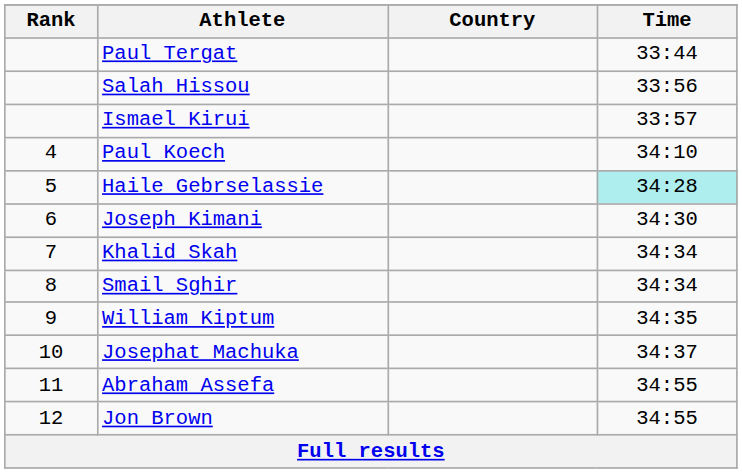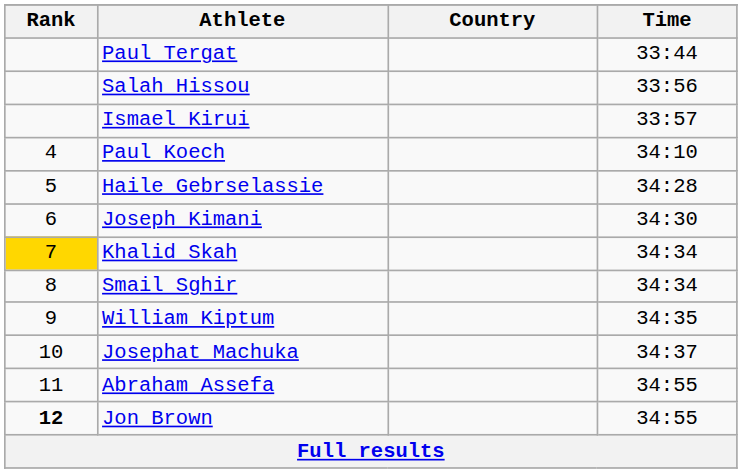 <table class="wikitable sortable" style=" text-align:center; font-size:95%;" width="50%">
 <tr>
 </tr>
 <tr>
 <th width=5%>Rank</th>
 <th width=20%>Athlete</th>
 <th width=15%>Country</th>
 <th width=10%>Time</th>
 </tr>
 <tr>
 <td align=center></td>
 <td align=left><a href='#'>Paul Tergat</a></td>
 <td align=left></td>
 <td>33:44</td>
 </tr>
 <tr>
 <td align=center></td>
 <td align=left><a href='#'>Salah Hissou</a></td>
 <td align=left></td>
 <td>33:56</td>
 </tr>
 <tr>
 <td align=center></td>
 <td align=left><a href='#'>Ismael Kirui</a></td>
 <td align=left></td>
 <td>33:57</td>
 </tr>
 <tr>
 <td align=center>4</td>
 <td align=left><a href='#'>Paul Koech</a></td>
 <td align=left></td>
 <td>34:10</td>
 </tr>
 <tr>
 <td align=center>5</td>
 <td align=left><a href='#'>Haile Gebrselassie</a></td>
 <td align=left></td>
-<td style="background: paleturquoise;">34:28</td>
+<td>34:28</td>
 </tr>
 <tr>
 <td align=center>6</td>
 <td align=left><a href='#'>Joseph Kimani</a></td>
 <td align=left></td>
 <td>34:30</td>
 </tr>
 <tr>
-<td align=center>7</td>
+<td align=center style="background: gold;">7</td>
 <td align=left><a href='#'>Khalid Skah</a></td>
 <td align=left></td>
 <td>34:34</td>
 </tr>
 <tr>
 <td align=center>8</td>
 <td align=left><a href='#'>Smail Sghir</a></td>
 <td align=left></td>
 <td>34:34</td>
 </tr>
 <tr>
 <td align=center>9</td>
 <td align=left><a href='#'>William Kiptum</a></td>
 <td align=left></td>
 <td>34:35</td>
 </tr>
 <tr>
 <td align=center>10</td>
 <td align=left><a href='#'>Josephat Machuka</a></td>
 <td align=left></td>
 <td>34:37</td>
 </tr>
 <tr>
 <td align=center>11</td>
 <td align=left><a href='#'>Abraham Assefa</a></td>
 <td align=left></td>
 <td>34:55</td>
 </tr>
 <tr>
-<td align=center>12</td>
+<td align=center><strong>12</strong></td>
 <td align=left><a href='#'>Jon Brown</a></td>
 <td align=left></td>
 <td>34:55</td>
 </tr>
 <tr class="sortbottom">
 <th colspan=4 align=center><a href='#'>Full results</a></th>
 </tr>
 </table>
